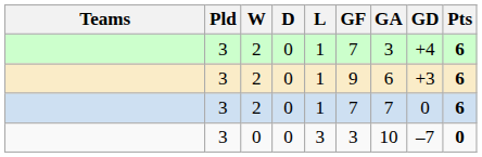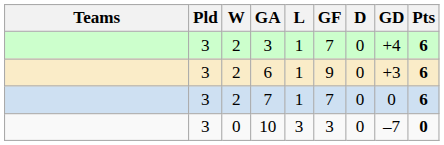 <table class="wikitable" style="text-align: center;">
 <tr>
 <th width=165>Teams</th>
 <th width=20>Pld</th>
 <th width=20>W</th>
-<th width=20>D</th>
+<th width=20>GA</th>
 <th width=20>L</th>
 <th width=20>GF</th>
-<th width=20>GA</th>
+<th width=20>D</th>
 <th width=20>GD</th>
 <th width=20>Pts</th>
 </tr>
 <tr align=center style="background:#ccffcc;">
 <td style="text-align:left;"></td>
 <td>3</td>
 <td>2</td>
-<td>0</td>
+<td>3</td>
 <td>1</td>
 <td>7</td>
-<td>3</td>
+<td>0</td>
 <td>+4</td>
 <td><strong>6</strong></td>
 </tr>
 <tr align=center style="background:#faecc8;">
 <td style="text-align:left;"></td>
 <td>3</td>
 <td>2</td>
-<td>0</td>
+<td>6</td>
 <td>1</td>
 <td>9</td>
-<td>6</td>
+<td>0</td>
 <td>+3</td>
 <td><strong>6</strong></td>
 </tr>
 <tr align=center style="background:#CEE0F2;">
 <td style="text-align:left;"></td>
 <td>3</td>
 <td>2</td>
-<td>0</td>
+<td>7</td>
 <td>1</td>
 <td>7</td>
-<td>7</td>
+<td>0</td>
 <td>0</td>
 <td><strong>6</strong></td>
 </tr>
 <tr align=center>
 <td style="text-align:left;"></td>
 <td>3</td>
 <td>0</td>
-<td>0</td>
+<td>10</td>
 <td>3</td>
 <td>3</td>
-<td>10</td>
+<td>0</td>
 <td>–7</td>
 <td><strong>0</strong></td>
 </tr>
 </table>
